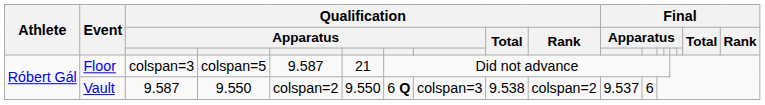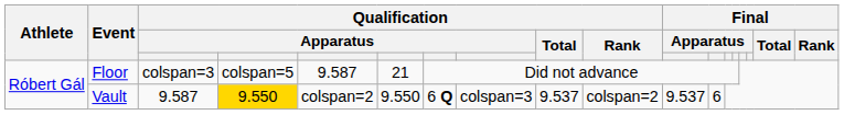 <table class="wikitable" style="font-size:90%">
 <tr>
 <th rowspan=3>Athlete</th>
 <th rowspan=3>Event</th>
 <th colspan =8>Qualification</th>
 <th colspan =8>Final</th>
 </tr>
 <tr style="font-size:95%">
 <th colspan=6>Apparatus</th>
 <th rowspan=2>Total</th>
 <th rowspan=2>Rank</th>
 <th colspan=6>Apparatus</th>
 <th rowspan=2>Total</th>
 <th rowspan=2>Rank</th>
 </tr>
 <tr style="font-size:95%">
 <th></th>
 <th></th>
 <th></th>
 <th></th>
 <th></th>
 <th></th>
 <th></th>
 <th></th>
 <th></th>
 <th></th>
 <th></th>
 <th></th>
 </tr>
 <tr align=center>
 <td align=left rowspan=2><a href='#'>Róbert Gál</a></td>
 <td align=left><a href='#'>Floor</a></td>
 <td>colspan=3 </td>
 <td>colspan=5 </td>
 <td>9.587</td>
 <td>21</td>
 <td colspan=8>Did not advance</td>
 </tr>
 <tr align=center>
 <td align=left><a href='#'>Vault</a></td>
 <td>9.587</td>
-<td>9.550</td>
+<td style="background: gold;">9.550</td>
 <td>colspan=2 </td>
 <td>9.550</td>
 <td>6 <strong>Q</strong></td>
 <td>colspan=3 </td>
-<td>9.538</td>
+<td>9.537</td>
 <td>colspan=2 </td>
 <td>9.537</td>
 <td>6</td>
 </tr>
 </table>
